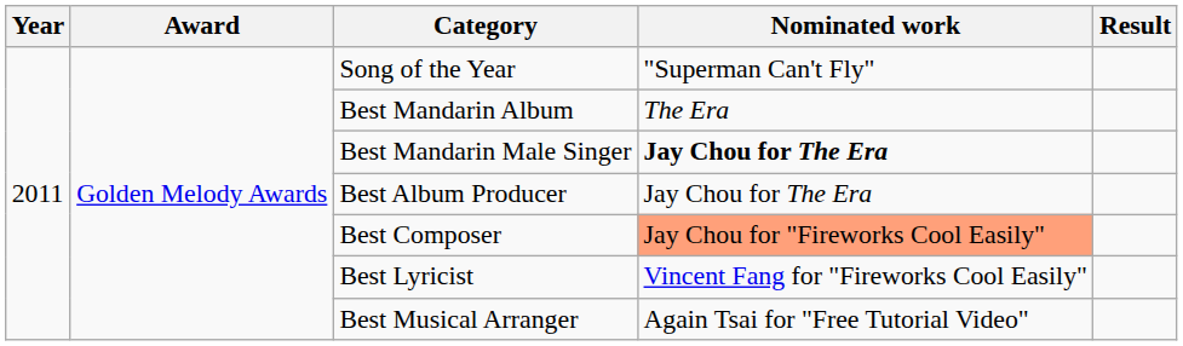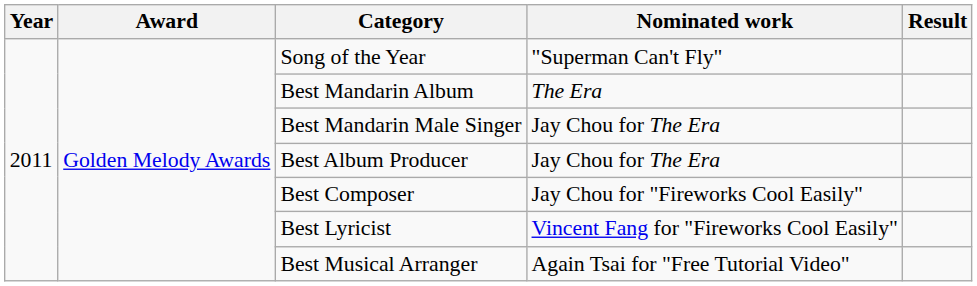 <table class="wikitable">
 <tr>
 <th>Year</th>
 <th>Award</th>
 <th>Category</th>
 <th>Nominated work</th>
 <th>Result</th>
 </tr>
 <tr>
 <td rowspan="7">2011</td>
 <td rowspan="7"><a href='#'>Golden Melody Awards</a></td>
 <td>Song of the Year</td>
 <td>"Superman Can't Fly"</td>
 <td></td>
 </tr>
 <tr>
 <td>Best Mandarin Album</td>
 <td><em>The Era</em></td>
 <td></td>
 </tr>
 <tr>
 <td>Best Mandarin Male Singer</td>
-<td><strong>Jay Chou for <em>The Era</em></strong></td>
+<td>Jay Chou for <em>The Era</em></td>
 <td></td>
 </tr>
 <tr>
 <td>Best Album Producer</td>
 <td>Jay Chou for <em>The Era</em></td>
 <td></td>
 </tr>
 <tr>
 <td>Best Composer</td>
-<td style="background: lightsalmon;">Jay Chou for "Fireworks Cool Easily"</td>
+<td>Jay Chou for "Fireworks Cool Easily"</td>
 <td></td>
 </tr>
 <tr>
 <td>Best Lyricist</td>
 <td><a href='#'>Vincent Fang</a> for "Fireworks Cool Easily"</td>
 <td></td>
 </tr>
 <tr>
 <td>Best Musical Arranger</td>
 <td>Again Tsai for "Free Tutorial Video"</td>
 <td></td>
 </tr>
 </table>
